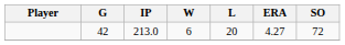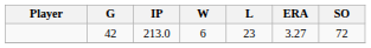 <table class="wikitable sortable">
 <tr>
 <th bgcolor="#DDDDFF" width="16%">Player</th>
 <th bgcolor="#DDDDFF" width="9%">G</th>
 <th bgcolor="#DDDDFF" width="9%">IP</th>
 <th bgcolor="#DDDDFF" width="9%">W</th>
 <th bgcolor="#DDDDFF" width="9%">L</th>
 <th bgcolor="#DDDDFF" width="9%">ERA</th>
 <th bgcolor="#DDDDFF" width="9%">SO</th>
 </tr>
 <tr align="center">
 <td></td>
 <td>42</td>
 <td>213.0</td>
 <td>6</td>
-<td>20</td>
-<td>4.27</td>
+<td>23</td>
+<td>3.27</td>
 <td>72</td>
 </tr>
 <tr align="center">
 </tr>
 </table>
